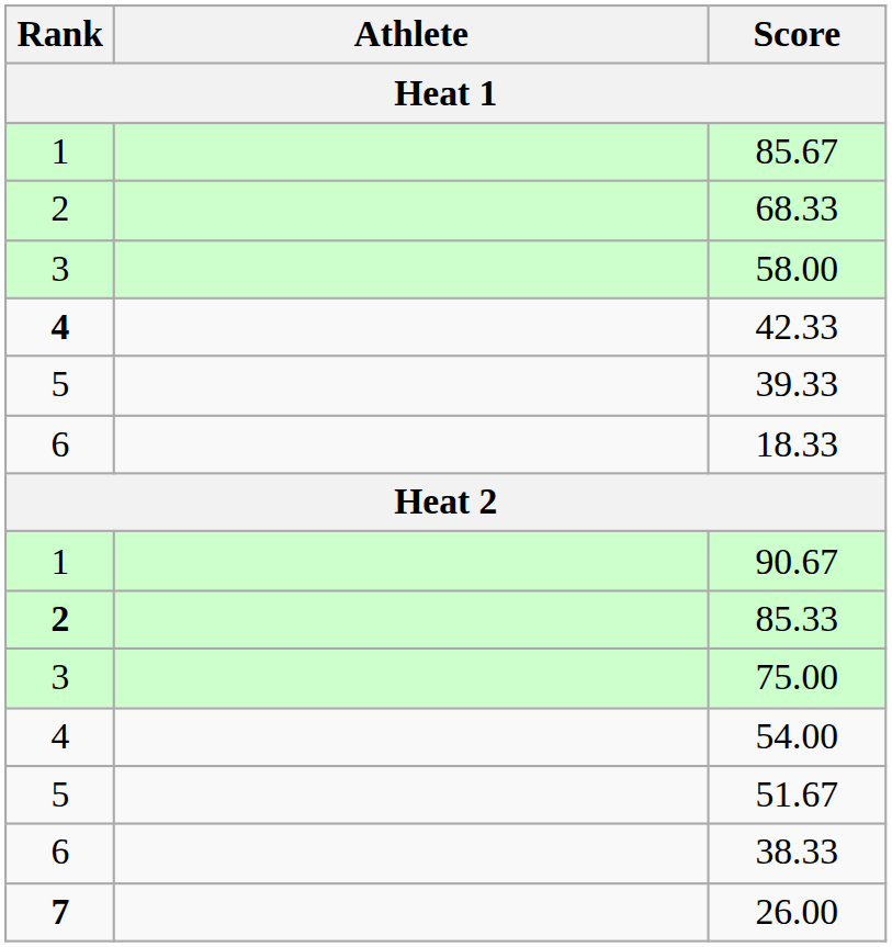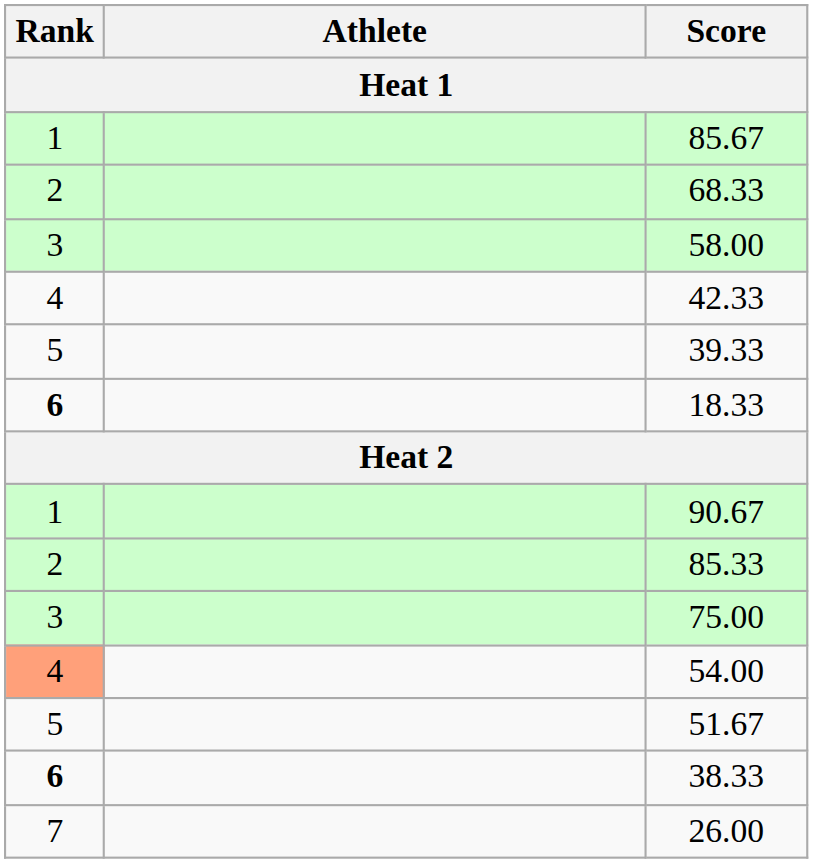 <table class="wikitable" style="text-align:center;">
 <tr>
 <th width=40>Rank</th>
 <th width=250>Athlete</th>
 <th width=70>Score</th>
 </tr>
 <tr>
 <th colspan=3>Heat 1</th>
 </tr>
 <tr bgcolor="ccffcc">
 <td>1</td>
 <td align=left></td>
 <td>85.67</td>
 </tr>
 <tr bgcolor="ccffcc">
 <td>2</td>
 <td align=left></td>
 <td>68.33</td>
 </tr>
 <tr bgcolor="ccffcc">
 <td>3</td>
 <td align=left></td>
 <td>58.00</td>
 </tr>
 <tr>
-<td><strong>4</strong></td>
+<td>4</td>
 <td align=left></td>
 <td>42.33</td>
 </tr>
 <tr>
 <td>5</td>
 <td align=left></td>
 <td>39.33</td>
 </tr>
 <tr>
-<td>6</td>
+<td><strong>6</strong></td>
 <td align=left></td>
 <td>18.33</td>
 </tr>
 <tr>
 <th colspan=3>Heat 2</th>
 </tr>
 <tr bgcolor="ccffcc">
 <td>1</td>
 <td align=left></td>
 <td>90.67</td>
 </tr>
 <tr bgcolor="ccffcc">
-<td><strong>2</strong></td>
+<td>2</td>
 <td align=left></td>
 <td>85.33</td>
 </tr>
 <tr bgcolor="ccffcc">
 <td>3</td>
 <td align=left></td>
 <td>75.00</td>
 </tr>
 <tr>
-<td>4</td>
+<td style="background: lightsalmon;">4</td>
 <td align=left></td>
 <td>54.00</td>
 </tr>
 <tr>
 <td>5</td>
 <td align=left></td>
 <td>51.67</td>
 </tr>
 <tr>
-<td>6</td>
+<td><strong>6</strong></td>
 <td align=left></td>
 <td>38.33</td>
 </tr>
 <tr>
-<td><strong>7</strong></td>
+<td>7</td>
 <td align=left></td>
 <td>26.00</td>
 </tr>
 </table>
